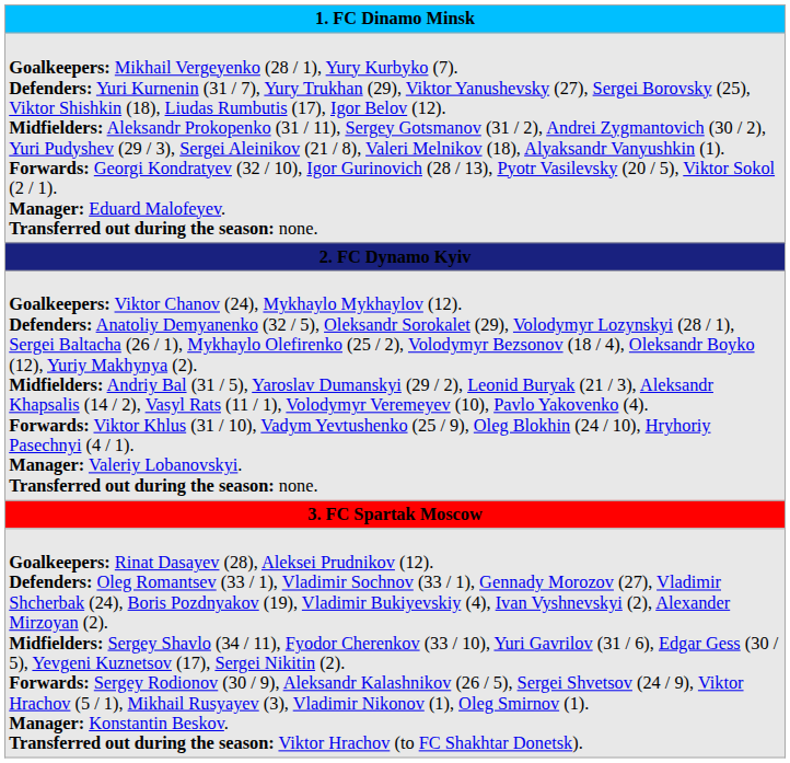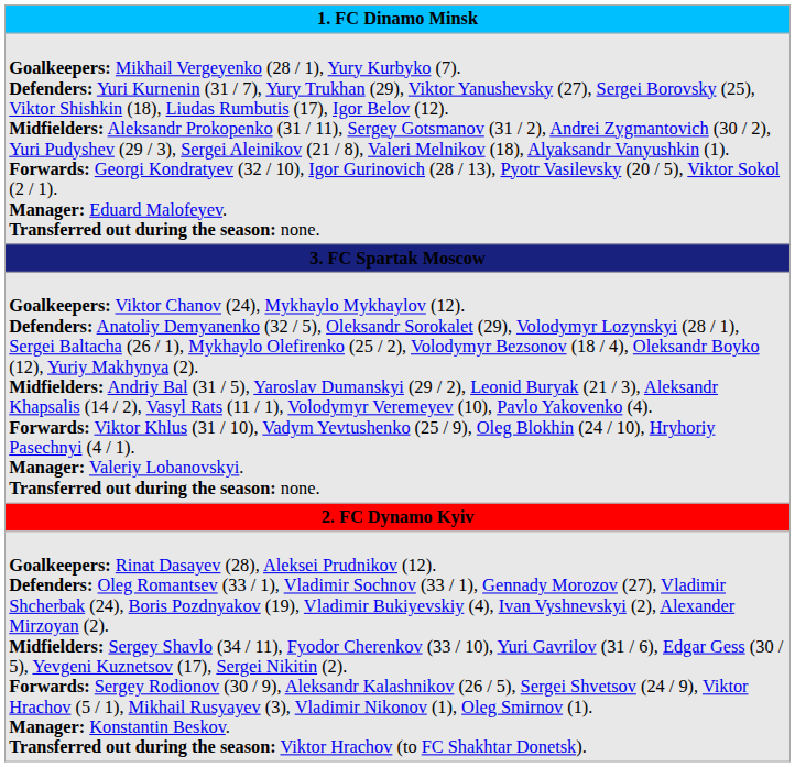 <table class="wikitable" Width="700">
 <tr bgcolor="#00BFFF">
 <td align="center" width="700"><span> <strong>1. FC Dinamo Minsk</strong> </span></td>
 </tr>
 <tr bgcolor="#E8E8E8">
 <td align="left" width="700"><br><strong>Goalkeepers:</strong> <a href='#'>Mikhail Vergeyenko</a> (28 / 1), <a href='#'>Yury Kurbyko</a> (7).<br> <strong>Defenders:</strong> <a href='#'>Yuri Kurnenin</a> (31 / 7), <a href='#'>Yury Trukhan</a> (29), <a href='#'>Viktor Yanushevsky</a> (27), <a href='#'>Sergei Borovsky</a> (25), <a href='#'>Viktor Shishkin</a> (18), <a href='#'>Liudas Rumbutis</a> (17), <a href='#'>Igor Belov</a> (12).<br> <strong>Midfielders:</strong> <a href='#'>Aleksandr Prokopenko</a> (31 / 11), <a href='#'>Sergey Gotsmanov</a> (31 / 2), <a href='#'>Andrei Zygmantovich</a> (30 / 2), <a href='#'>Yuri Pudyshev</a> (29 / 3), <a href='#'>Sergei Aleinikov</a> (21 / 8), <a href='#'>Valeri Melnikov</a> (18), <a href='#'>Alyaksandr Vanyushkin</a> (1).<br> <strong>Forwards:</strong> <a href='#'>Georgi Kondratyev</a> (32 / 10), <a href='#'>Igor Gurinovich</a> (28 / 13), <a href='#'>Pyotr Vasilevsky</a> (20 / 5), <a href='#'>Viktor Sokol</a> (2 / 1).<br><strong>Manager:</strong> <a href='#'>Eduard Malofeyev</a>.<br><strong>Transferred out during the season:</strong> none.</td>
 </tr>
 <tr bgcolor="#19217F">
-<td align="center" width="700"><span> <strong>2. FC Dynamo Kyiv</strong> </span></td>
+<td align="center" width="700"><span> <strong>3. FC Spartak Moscow</strong> </span></td>
 </tr>
 <tr bgcolor="#E8E8E8">
 <td align="left" width="700"><br><strong>Goalkeepers:</strong> <a href='#'>Viktor Chanov</a> (24), <a href='#'>Mykhaylo Mykhaylov</a> (12).<br> <strong>Defenders:</strong> <a href='#'>Anatoliy Demyanenko</a> (32 / 5), <a href='#'>Oleksandr Sorokalet</a> (29), <a href='#'>Volodymyr Lozynskyi</a> (28 / 1), <a href='#'>Sergei Baltacha</a> (26 / 1), <a href='#'>Mykhaylo Olefirenko</a> (25 / 2), <a href='#'>Volodymyr Bezsonov</a> (18 / 4), <a href='#'>Oleksandr Boyko</a> (12), <a href='#'>Yuriy Makhynya</a> (2).<br> <strong>Midfielders:</strong> <a href='#'>Andriy Bal</a> (31 / 5), <a href='#'>Yaroslav Dumanskyi</a> (29 / 2), <a href='#'>Leonid Buryak</a> (21 / 3), <a href='#'>Aleksandr Khapsalis</a> (14 / 2), <a href='#'>Vasyl Rats</a> (11 / 1), <a href='#'>Volodymyr Veremeyev</a> (10), <a href='#'>Pavlo Yakovenko</a> (4).<br> <strong>Forwards:</strong> <a href='#'>Viktor Khlus</a> (31 / 10), <a href='#'>Vadym Yevtushenko</a> (25 / 9), <a href='#'>Oleg Blokhin</a> (24 / 10), <a href='#'>Hryhoriy Pasechnyi</a> (4 / 1).<br><strong>Manager:</strong> <a href='#'>Valeriy Lobanovskyi</a>.<br><strong>Transferred out during the season:</strong> none.</td>
 </tr>
 <tr bgcolor="#FF0000">
-<td align="center" width="700"><span> <strong>3. FC Spartak Moscow</strong> </span></td>
+<td align="center" width="700"><span> <strong>2. FC Dynamo Kyiv</strong> </span></td>
 </tr>
 <tr bgcolor="#E8E8E8">
 <td align="left" width="700"><br><strong>Goalkeepers:</strong> <a href='#'>Rinat Dasayev</a> (28), <a href='#'>Aleksei Prudnikov</a> (12).<br> <strong>Defenders:</strong> <a href='#'>Oleg Romantsev</a> (33 / 1), <a href='#'>Vladimir Sochnov</a> (33 / 1), <a href='#'>Gennady Morozov</a> (27), <a href='#'>Vladimir Shcherbak</a> (24), <a href='#'>Boris Pozdnyakov</a> (19), <a href='#'>Vladimir Bukiyevskiy</a> (4), <a href='#'>Ivan Vyshnevskyi</a> (2), <a href='#'>Alexander Mirzoyan</a> (2).<br> <strong>Midfielders:</strong> <a href='#'>Sergey Shavlo</a> (34 / 11), <a href='#'>Fyodor Cherenkov</a> (33 / 10), <a href='#'>Yuri Gavrilov</a> (31 / 6), <a href='#'>Edgar Gess</a> (30 / 5), <a href='#'>Yevgeni Kuznetsov</a> (17), <a href='#'>Sergei Nikitin</a> (2).<br> <strong>Forwards:</strong> <a href='#'>Sergey Rodionov</a> (30 / 9), <a href='#'>Aleksandr Kalashnikov</a> (26 / 5), <a href='#'>Sergei Shvetsov</a> (24 / 9), <a href='#'>Viktor Hrachov</a> (5 / 1), <a href='#'>Mikhail Rusyayev</a> (3), <a href='#'>Vladimir Nikonov</a> (1), <a href='#'>Oleg Smirnov</a> (1).<br><strong>Manager:</strong> <a href='#'>Konstantin Beskov</a>.<br><strong>Transferred out during the season:</strong> <a href='#'>Viktor Hrachov</a> (to <a href='#'>FC Shakhtar Donetsk</a>).</td>
 </tr>
 </table>
